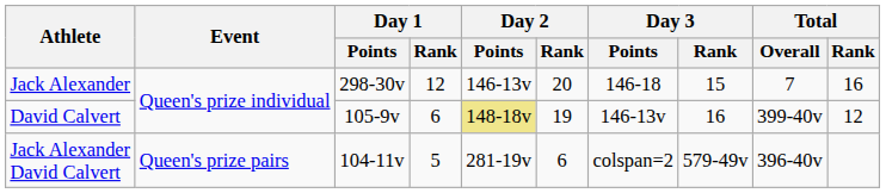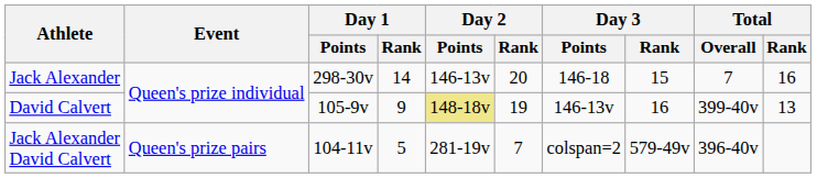 <table class="wikitable" style="font-size:90%">
 <tr>
 <th rowspan=2>Athlete</th>
 <th rowspan=2>Event</th>
 <th colspan=2>Day 1</th>
 <th colspan=2>Day 2</th>
 <th colspan=2>Day 3</th>
 <th colspan=2>Total</th>
 </tr>
 <tr style="font-size:95%">
 <th>Points</th>
 <th>Rank</th>
 <th>Points</th>
 <th>Rank</th>
 <th>Points</th>
 <th>Rank</th>
 <th>Overall</th>
 <th>Rank</th>
 </tr>
 <tr align=center>
 <td align=left><a href='#'>Jack Alexander</a></td>
 <td align=left rowspan=2><a href='#'>Queen's prize individual</a></td>
 <td>298-30v</td>
-<td>12</td>
+<td>14</td>
 <td>146-13v</td>
 <td>20</td>
 <td>146-18</td>
 <td>15</td>
 <td>7</td>
 <td>16</td>
 </tr>
 <tr align=center>
 <td align=left><a href='#'>David Calvert</a></td>
 <td>105-9v</td>
-<td>6</td>
+<td>9</td>
 <td style="background: khaki;">148-18v</td>
 <td>19</td>
 <td>146-13v</td>
 <td>16</td>
 <td>399-40v</td>
-<td>12</td>
+<td>13</td>
 </tr>
 <tr align=center>
 <td align=left><a href='#'>Jack Alexander</a><br><a href='#'>David Calvert</a></td>
 <td align=left><a href='#'>Queen's prize pairs</a></td>
 <td>104-11v</td>
 <td>5</td>
 <td>281-19v</td>
-<td>6</td>
+<td>7</td>
 <td>colspan=2 </td>
 <td>579-49v</td>
 <td>396-40v</td>
 </tr>
 </table>
